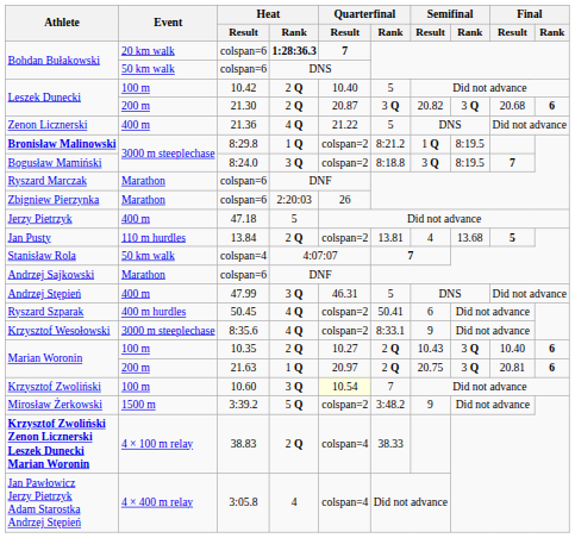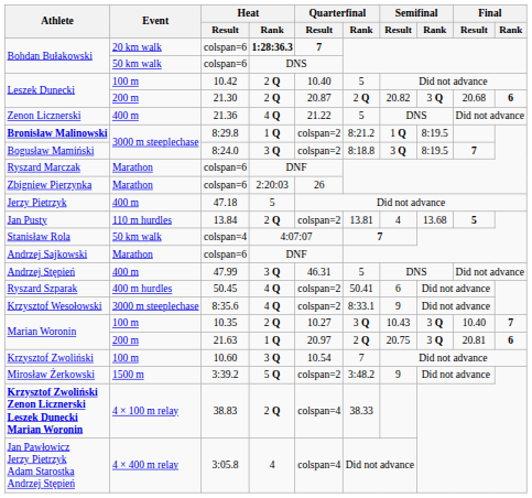 <table class="wikitable" style="font-size:90%">
 <tr>
 <th rowspan="2">Athlete</th>
 <th rowspan="2">Event</th>
 <th colspan="2">Heat</th>
 <th colspan="2">Quarterfinal</th>
 <th colspan="2">Semifinal</th>
 <th colspan="2">Final</th>
 </tr>
 <tr style="font-size:95%">
 <th>Result</th>
 <th>Rank</th>
 <th>Result</th>
 <th>Rank</th>
 <th>Result</th>
 <th>Rank</th>
 <th>Result</th>
 <th>Rank</th>
 </tr>
 <tr align=center>
 <td style="text-align:left;" rowspan="2"><a href='#'>Bohdan Bułakowski</a></td>
 <td align=left><a href='#'>20 km walk</a></td>
 <td>colspan=6 </td>
 <td><strong>1:28:36.3</strong></td>
 <td><strong>7</strong></td>
 </tr>
 <tr align=center>
 <td align=left><a href='#'>50 km walk</a></td>
 <td>colspan=6 </td>
 <td colspan=2>DNS</td>
 </tr>
 <tr align=center>
 <td style="text-align:left;" rowspan="2"><a href='#'>Leszek Dunecki</a></td>
 <td align=left><a href='#'>100 m</a></td>
 <td>10.42</td>
 <td>2 <strong>Q</strong></td>
 <td>10.40</td>
 <td>5</td>
 <td colspan=4>Did not advance</td>
 </tr>
 <tr align=center>
 <td align=left><a href='#'>200 m</a></td>
 <td>21.30</td>
 <td>2 <strong>Q</strong></td>
 <td>20.87</td>
-<td>3 <strong>Q</strong></td>
+<td>2 <strong>Q</strong></td>
 <td>20.82</td>
 <td>3 <strong>Q</strong></td>
 <td>20.68</td>
 <td><strong>6</strong></td>
 </tr>
 <tr align=center>
 <td align=left><a href='#'>Zenon Licznerski</a></td>
 <td align=left><a href='#'>400 m</a></td>
 <td>21.36</td>
 <td>4 <strong>Q</strong></td>
 <td>21.22</td>
 <td>5</td>
 <td colspan=2>DNS</td>
 <td colspan=2>Did not advance</td>
 </tr>
 <tr align=center>
 <td align=left><strong><a href='#'>Bronisław Malinowski</a></strong></td>
 <td style="text-align:left;" rowspan="2"><a href='#'>3000 m steeplechase</a></td>
 <td>8:29.8</td>
 <td>1 <strong>Q</strong></td>
 <td>colspan=2 </td>
 <td>8:21.2</td>
 <td>1 <strong>Q</strong></td>
 <td>8:19.5</td>
 <td></td>
 </tr>
 <tr align=center>
 <td align=left><a href='#'>Bogusław Mamiński</a></td>
 <td>8:24.0</td>
 <td>3 <strong>Q</strong></td>
 <td>colspan=2 </td>
 <td>8:18.8</td>
 <td>3 <strong>Q</strong></td>
 <td>8:19.5</td>
 <td><strong>7</strong></td>
 </tr>
 <tr align=center>
 <td align=left><a href='#'>Ryszard Marczak</a></td>
 <td align=left><a href='#'>Marathon</a></td>
 <td>colspan=6 </td>
 <td colspan=2>DNF</td>
 </tr>
 <tr align=center>
 <td align=left><a href='#'>Zbigniew Pierzynka</a></td>
 <td align=left><a href='#'>Marathon</a></td>
 <td>colspan=6 </td>
 <td colspan=1>2:20:03</td>
 <td colspan=1>26</td>
 </tr>
 <tr align=center>
 <td align=left><a href='#'>Jerzy Pietrzyk</a></td>
 <td align=left><a href='#'>400 m</a></td>
 <td>47.18</td>
 <td>5</td>
 <td colspan=6>Did not advance</td>
 </tr>
 <tr align=center>
 <td style="text-align:left;"><a href='#'>Jan Pusty</a></td>
 <td align=left><a href='#'>110 m hurdles</a></td>
 <td>13.84</td>
 <td>2 <strong>Q</strong></td>
 <td>colspan=2 </td>
 <td>13.81</td>
 <td>4</td>
 <td>13.68</td>
 <td><strong>5</strong></td>
 </tr>
 <tr align=center>
 <td align=left><a href='#'>Stanisław Rola</a></td>
 <td align=left><a href='#'>50 km walk</a></td>
 <td>colspan=4 </td>
 <td colspan=2>4:07:07</td>
 <td colspan=2><strong>7</strong></td>
 </tr>
 <tr align=center>
 <td align=left><a href='#'>Andrzej Sajkowski</a></td>
 <td align=left><a href='#'>Marathon</a></td>
 <td>colspan=6 </td>
 <td colspan=2>DNF</td>
 </tr>
 <tr align=center>
 <td align=left><a href='#'>Andrzej Stępień</a></td>
 <td align=left><a href='#'>400 m</a></td>
 <td>47.99</td>
 <td>3 <strong>Q</strong></td>
 <td>46.31</td>
 <td>5</td>
 <td colspan=2>DNS</td>
 <td colspan=2>Did not advance</td>
 </tr>
 <tr align=center>
 <td style="text-align:left;"><a href='#'>Ryszard Szparak</a></td>
 <td align=left><a href='#'>400 m hurdles</a></td>
 <td>50.45</td>
 <td>4 <strong>Q</strong></td>
 <td>colspan=2 </td>
 <td>50.41</td>
 <td>6</td>
 <td colspan=2>Did not advance</td>
 </tr>
 <tr align=center>
 <td align=left><a href='#'>Krzysztof Wesołowski</a></td>
 <td align=left><a href='#'>3000 m steeplechase</a></td>
 <td>8:35.6</td>
 <td>4 <strong>Q</strong></td>
 <td>colspan=2 </td>
 <td>8:33.1</td>
 <td>9</td>
 <td colspan=2>Did not advance</td>
 </tr>
 <tr align=center>
 <td style="text-align:left;" rowspan="2"><a href='#'>Marian Woronin</a></td>
 <td align=left><a href='#'>100 m</a></td>
 <td>10.35</td>
 <td>2 <strong>Q</strong></td>
 <td>10.27</td>
-<td>2 <strong>Q</strong></td>
+<td>3 <strong>Q</strong></td>
 <td>10.43</td>
 <td>3 <strong>Q</strong></td>
 <td>10.40</td>
-<td><strong>6</strong></td>
+<td><strong>7</strong></td>
 </tr>
 <tr align=center>
 <td align=left><a href='#'>200 m</a></td>
 <td>21.63</td>
 <td>1 <strong>Q</strong></td>
 <td>20.97</td>
 <td>2 <strong>Q</strong></td>
 <td>20.75</td>
 <td>3 <strong>Q</strong></td>
 <td>20.81</td>
 <td><strong>6</strong></td>
 </tr>
 <tr align=center>
 <td style="text-align:left;"><a href='#'>Krzysztof Zwoliński</a></td>
 <td align=left><a href='#'>100 m</a></td>
 <td>10.60</td>
 <td>3 <strong>Q</strong></td>
-<td style="background: lightyellow;">10.54</td>
+<td>10.54</td>
 <td>7</td>
 <td colspan=4>Did not advance</td>
 </tr>
 <tr align=center>
 <td align=left><a href='#'>Mirosław Żerkowski</a></td>
 <td align=left><a href='#'>1500 m</a></td>
 <td>3:39.2</td>
 <td>5 <strong>Q</strong></td>
 <td>colspan=2 </td>
 <td>3:48.2</td>
 <td>9</td>
 <td colspan=2>Did not advance</td>
 </tr>
 <tr align=center>
 <td align=left><strong><a href='#'>Krzysztof Zwoliński</a><br><a href='#'>Zenon Licznerski</a><br> <a href='#'>Leszek Dunecki</a><br><a href='#'>Marian Woronin</a></strong></td>
 <td align=left><a href='#'>4 × 100 m relay</a></td>
 <td>38.83</td>
 <td>2 <strong>Q</strong></td>
 <td>colspan=4 </td>
 <td>38.33</td>
 <td></td>
 </tr>
 <tr align=center>
 <td align=left><a href='#'>Jan Pawłowicz</a><br><a href='#'>Jerzy Pietrzyk</a><br><a href='#'>Adam Starostka</a><br><a href='#'>Andrzej Stępień</a></td>
 <td align=left><a href='#'>4 × 400 m relay</a></td>
 <td>3:05.8</td>
 <td>4</td>
 <td>colspan=4 </td>
 <td colspan=2>Did not advance</td>
 </tr>
 </table>
